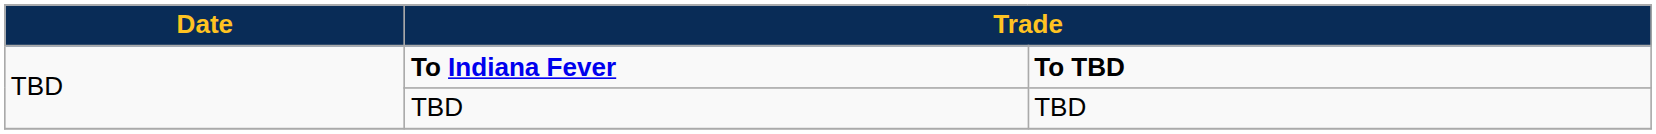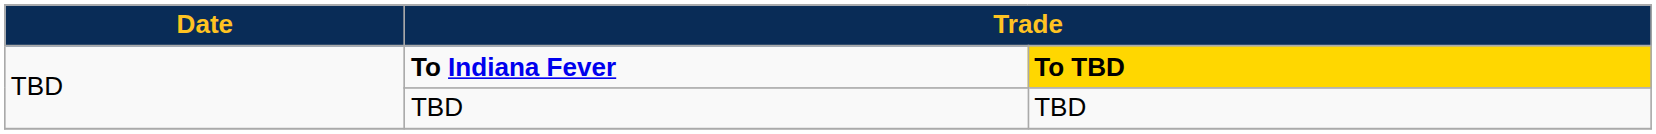 <table class="wikitable" style="width:80%">
 <tr>
 <th style="background:#092C57;color:#FFC322; width=125">Date</th>
 <th style="background:#092C57;color:#FFC322;" colspan=2>Trade</th>
 </tr>
 <tr>
 <td rowspan=2>TBD</td>
 <td width=375><strong>To <a href='#'>Indiana Fever</a></strong></td>
-<td width=375><strong>To TBD</strong></td>
+<td width=375 style="background: gold;"><strong>To TBD</strong></td>
 </tr>
 <tr>
 <td>TBD</td>
 <td>TBD</td>
 </tr>
 <tr>
 </tr>
 </table>
